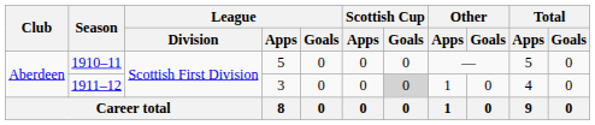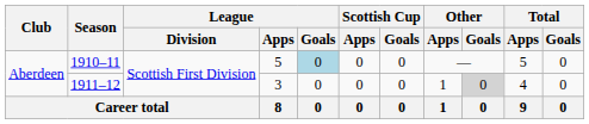 <table class="wikitable" style="text-align: center;">
 <tr>
 <th rowspan="2">Club</th>
 <th rowspan="2">Season</th>
 <th colspan="3">League</th>
 <th colspan="2">Scottish Cup</th>
 <th colspan="2">Other</th>
 <th colspan="2">Total</th>
 </tr>
 <tr>
 <th>Division</th>
 <th>Apps</th>
 <th>Goals</th>
 <th>Apps</th>
 <th>Goals</th>
 <th>Apps</th>
 <th>Goals</th>
 <th>Apps</th>
 <th>Goals</th>
 </tr>
 <tr>
 <td rowspan="2"><a href='#'>Aberdeen</a></td>
 <td><a href='#'>1910–11</a></td>
 <td rowspan="2"><a href='#'>Scottish First Division</a></td>
 <td>5</td>
-<td>0</td>
+<td style="background: lightblue;">0</td>
 <td>0</td>
 <td>0</td>
 <td colspan="2">—</td>
 <td>5</td>
 <td>0</td>
 </tr>
 <tr>
 <td><a href='#'>1911–12</a></td>
 <td>3</td>
 <td>0</td>
 <td>0</td>
+<td>0</td>
+<td>1</td>
 <td style="background: lightgrey;">0</td>
-<td>1</td>
-<td>0</td>
 <td>4</td>
 <td>0</td>
 </tr>
 <tr>
 <th colspan="3">Career total</th>
 <th>8</th>
 <th>0</th>
 <th>0</th>
 <th>0</th>
 <th>1</th>
 <th>0</th>
 <th>9</th>
 <th>0</th>
 </tr>
 </table>
